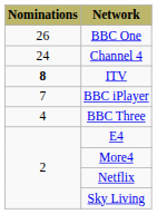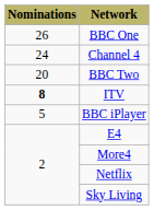 <table class="wikitable" style="text-align:center;">
 <tr>
 <th style="background:#BDB76B;">Nominations</th>
 <th style="background:#BDB76B;">Network</th>
 </tr>
 <tr>
 <td>26</td>
 <td><a href='#'>BBC One</a></td>
 </tr>
 <tr>
 <td>24</td>
 <td><a href='#'>Channel 4</a></td>
 </tr>
 <tr>
+<td>20</td>
+<td><a href='#'>BBC Two</a></td>
+</tr>
+<tr>
 <td><strong>8</strong></td>
 <td><a href='#'>ITV</a></td>
 </tr>
 <tr>
-<td>7</td>
+<td>5</td>
 <td><a href='#'>BBC iPlayer</a></td>
-</tr>
-<tr>
-<td>4</td>
-<td><a href='#'>BBC Three</a></td>
 </tr>
 <tr>
 <td rowspan="10">2</td>
 <td><a href='#'>E4</a></td>
 </tr>
 <tr>
 <td><a href='#'>More4</a></td>
 </tr>
 <tr>
 <td><a href='#'>Netflix</a></td>
 </tr>
 <tr>
 <td><a href='#'>Sky Living</a></td>
 </tr>
 </table>
